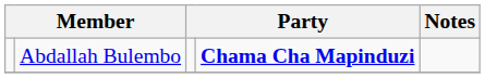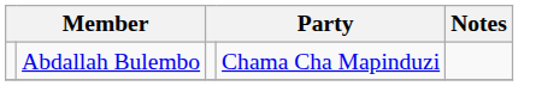 <table class="wikitable sortable">
 <tr>
 <th colspan=2>Member</th>
 <th colspan=2>Party</th>
 <th>Notes</th>
 </tr>
 <tr>
 <td style="background-color: "></td>
 <td><a href='#'>Abdallah Bulembo</a></td>
 <td style="background-color: "></td>
-<td><strong><a href='#'>Chama Cha Mapinduzi</a></strong></td>
+<td><a href='#'>Chama Cha Mapinduzi</a></td>
 <td></td>
 </tr>
 <tr>
 </tr>
 </table>
